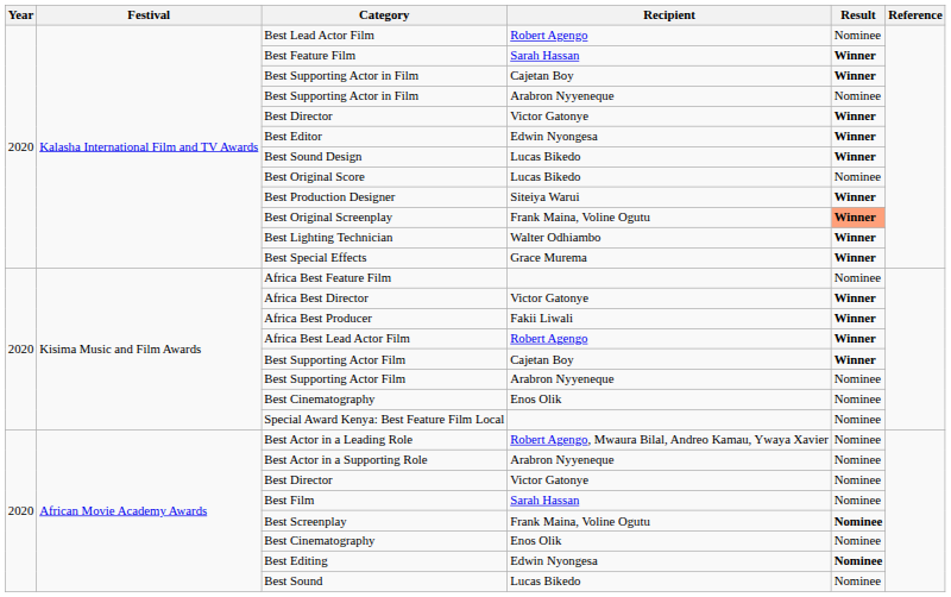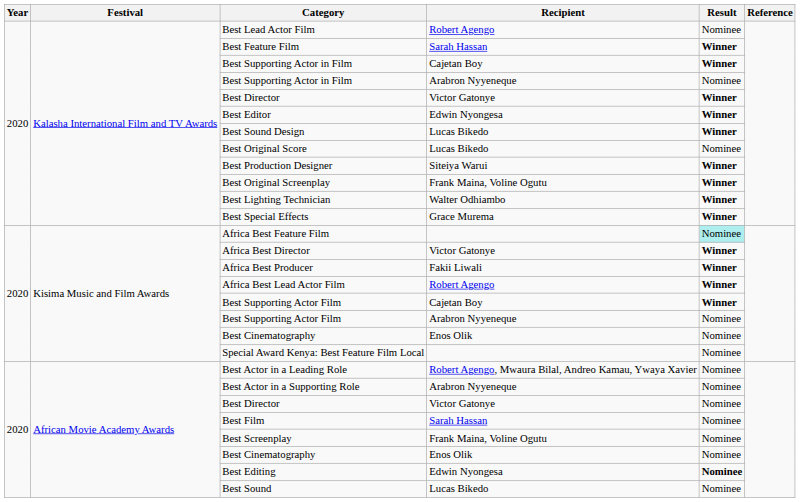 <table class="wikitable sortable">
 <tr>
 <th>Year</th>
 <th>Festival</th>
 <th>Category</th>
 <th>Recipient</th>
 <th>Result</th>
 <th>Reference</th>
 </tr>
 <tr>
 <td rowspan="12">2020</td>
 <td rowspan="12"><a href='#'>Kalasha International Film and TV Awards</a></td>
 <td>Best Lead Actor Film</td>
 <td><a href='#'>Robert Agengo</a></td>
 <td>Nominee</td>
 <td rowspan="12"></td>
 </tr>
 <tr>
 <td>Best Feature Film</td>
 <td><a href='#'>Sarah Hassan</a></td>
 <td><strong>Winner</strong></td>
 </tr>
 <tr>
 <td>Best Supporting Actor in Film</td>
 <td>Cajetan Boy</td>
 <td><strong>Winner</strong></td>
 </tr>
 <tr>
 <td>Best Supporting Actor in Film</td>
 <td>Arabron Nyyeneque</td>
 <td>Nominee</td>
 </tr>
 <tr>
 <td>Best Director</td>
 <td>Victor Gatonye</td>
 <td><strong>Winner</strong></td>
 </tr>
 <tr>
 <td>Best Editor</td>
 <td>Edwin Nyongesa</td>
 <td><strong>Winner</strong></td>
 </tr>
 <tr>
 <td>Best Sound Design</td>
 <td>Lucas Bikedo</td>
 <td><strong>Winner</strong></td>
 </tr>
 <tr>
 <td>Best Original Score</td>
 <td>Lucas Bikedo</td>
 <td>Nominee</td>
 </tr>
 <tr>
 <td>Best Production Designer</td>
 <td>Siteiya Warui</td>
 <td><strong>Winner</strong></td>
 </tr>
 <tr>
 <td>Best Original Screenplay</td>
 <td>Frank Maina, Voline Ogutu</td>
-<td style="background: lightsalmon;"><strong>Winner</strong></td>
+<td><strong>Winner</strong></td>
 </tr>
 <tr>
 <td>Best Lighting Technician</td>
 <td>Walter Odhiambo</td>
 <td><strong>Winner</strong></td>
 </tr>
 <tr>
 <td>Best Special Effects</td>
 <td>Grace Murema</td>
 <td><strong>Winner</strong></td>
 </tr>
 <tr>
 <td rowspan="8">2020</td>
 <td rowspan="8">Kisima Music and Film Awards</td>
 <td>Africa Best Feature Film</td>
 <td></td>
-<td>Nominee</td>
+<td style="background: paleturquoise;">Nominee</td>
 <td rowspan="8"></td>
 </tr>
 <tr>
 <td>Africa Best Director</td>
 <td>Victor Gatonye</td>
 <td><strong>Winner</strong></td>
 </tr>
 <tr>
 <td>Africa Best Producer</td>
 <td>Fakii Liwali</td>
 <td><strong>Winner</strong></td>
 </tr>
 <tr>
 <td>Africa Best Lead Actor Film</td>
 <td><a href='#'>Robert Agengo</a></td>
 <td><strong>Winner</strong></td>
 </tr>
 <tr>
 <td>Best Supporting Actor Film</td>
 <td>Cajetan Boy</td>
 <td><strong>Winner</strong></td>
 </tr>
 <tr>
 <td>Best Supporting Actor Film</td>
 <td>Arabron Nyyeneque</td>
 <td>Nominee</td>
 </tr>
 <tr>
 <td>Best Cinematography</td>
 <td>Enos Olik</td>
 <td>Nominee</td>
 </tr>
 <tr>
 <td>Special Award Kenya: Best Feature Film Local</td>
 <td></td>
 <td>Nominee</td>
 </tr>
 <tr>
 <td rowspan="8">2020</td>
 <td rowspan="8"><a href='#'>African Movie Academy Awards</a></td>
 <td>Best Actor in a Leading Role</td>
 <td><a href='#'>Robert Agengo</a>, Mwaura Bilal, Andreo Kamau, Ywaya Xavier</td>
 <td>Nominee</td>
 <td rowspan="8"></td>
 </tr>
 <tr>
 <td>Best Actor in a Supporting Role</td>
 <td>Arabron Nyyeneque</td>
 <td>Nominee</td>
 </tr>
 <tr>
 <td>Best Director</td>
 <td>Victor Gatonye</td>
 <td>Nominee</td>
 </tr>
 <tr>
 <td>Best Film</td>
 <td><a href='#'>Sarah Hassan</a></td>
 <td>Nominee</td>
 </tr>
 <tr>
 <td>Best Screenplay</td>
 <td>Frank Maina, Voline Ogutu</td>
-<td><strong>Nominee</strong></td>
+<td>Nominee</td>
 </tr>
 <tr>
 <td>Best Cinematography</td>
 <td>Enos Olik</td>
 <td>Nominee</td>
 </tr>
 <tr>
 <td>Best Editing</td>
 <td>Edwin Nyongesa</td>
 <td><strong>Nominee</strong></td>
 </tr>
 <tr>
 <td>Best Sound</td>
 <td>Lucas Bikedo</td>
 <td>Nominee</td>
 </tr>
 </table>
